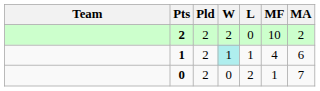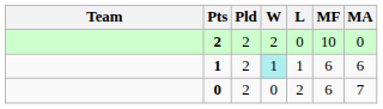 <table class=wikitable style="text-align:center">
 <tr>
 <th width=200>Team</th>
 <th width=20>Pts</th>
 <th width=20>Pld</th>
 <th width=20>W</th>
 <th width=20>L</th>
 <th width=20>MF</th>
 <th width=20>MA</th>
 </tr>
 <tr bgcolor=ccffcc>
 <td style="text-align:left"><strong></strong></td>
 <td><strong>2</strong></td>
 <td>2</td>
 <td>2</td>
 <td>0</td>
 <td>10</td>
-<td>2</td>
+<td>0</td>
 </tr>
 <tr>
 <td style="text-align:left"></td>
 <td><strong>1</strong></td>
 <td>2</td>
 <td style="background: paleturquoise;">1</td>
 <td>1</td>
-<td>4</td>
+<td>6</td>
 <td>6</td>
 </tr>
 <tr>
 <td style="text-align:left"></td>
 <td><strong>0</strong></td>
 <td>2</td>
 <td>0</td>
 <td>2</td>
-<td>1</td>
+<td>6</td>
 <td>7</td>
 </tr>
 </table>
